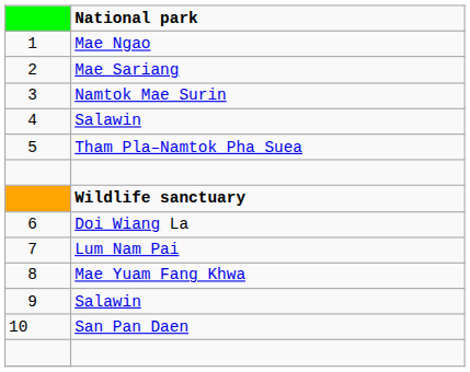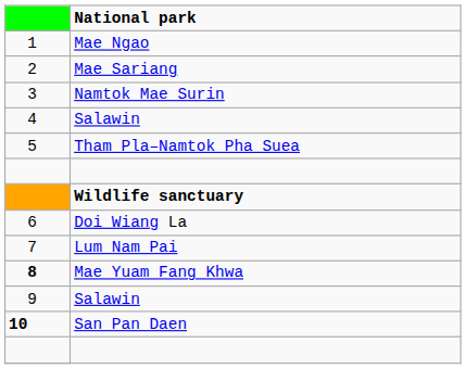 <table class= "wikitable" style= "width:30%; display:inline-table;">
 <tr>
 <td style="width:3%; background:#00FF00;"> </td>
 <td style="width:27%;"><strong>National park</strong></td>
 </tr>
 <tr>
 <td>  1</td>
 <td><a href='#'>Mae Ngao</a></td>
 </tr>
 <tr>
 <td>  2</td>
 <td><a href='#'>Mae Sariang</a></td>
 </tr>
 <tr>
 <td>  3</td>
 <td><a href='#'>Namtok Mae Surin</a></td>
 </tr>
 <tr>
 <td>  4</td>
 <td><a href='#'>Salawin</a></td>
 </tr>
 <tr>
 <td>  5</td>
 <td><a href='#'>Tham Pla–Namtok Pha Suea</a></td>
 </tr>
 <tr>
 <td> </td>
 <td> </td>
 </tr>
 <tr>
 <td style="width:3%; background:#FFA400;"> </td>
 <td style="width:27%;"><strong>Wildlife sanctuary</strong></td>
 </tr>
 <tr>
 <td>  6</td>
 <td><a href='#'>Doi Wiang</a> La</td>
 </tr>
 <tr>
 <td>  7</td>
 <td><a href='#'>Lum Nam Pai</a></td>
 </tr>
 <tr>
-<td>  8</td>
+<td><strong>  8</strong></td>
 <td><a href='#'>Mae Yuam Fang Khwa</a></td>
 </tr>
 <tr>
 <td>  9</td>
 <td><a href='#'>Salawin</a></td>
 </tr>
 <tr>
-<td>10</td>
+<td><strong>10</strong></td>
 <td><a href='#'>San Pan Daen</a></td>
 </tr>
 <tr>
 <td>  </td>
 </tr>
 <tr>
 </tr>
 </table>
